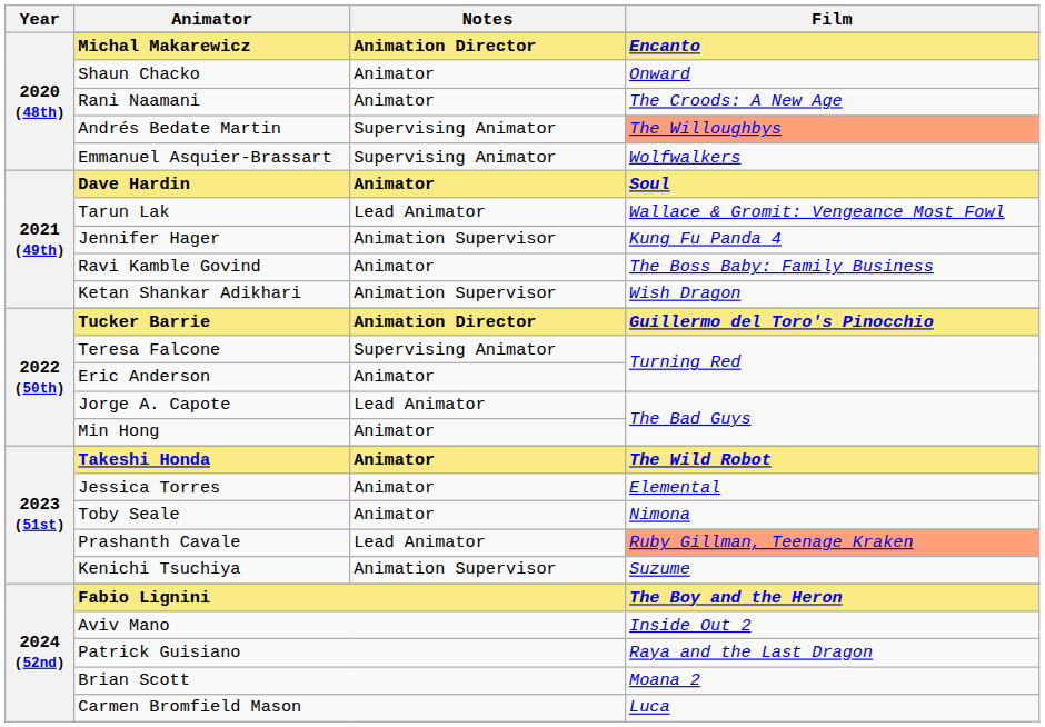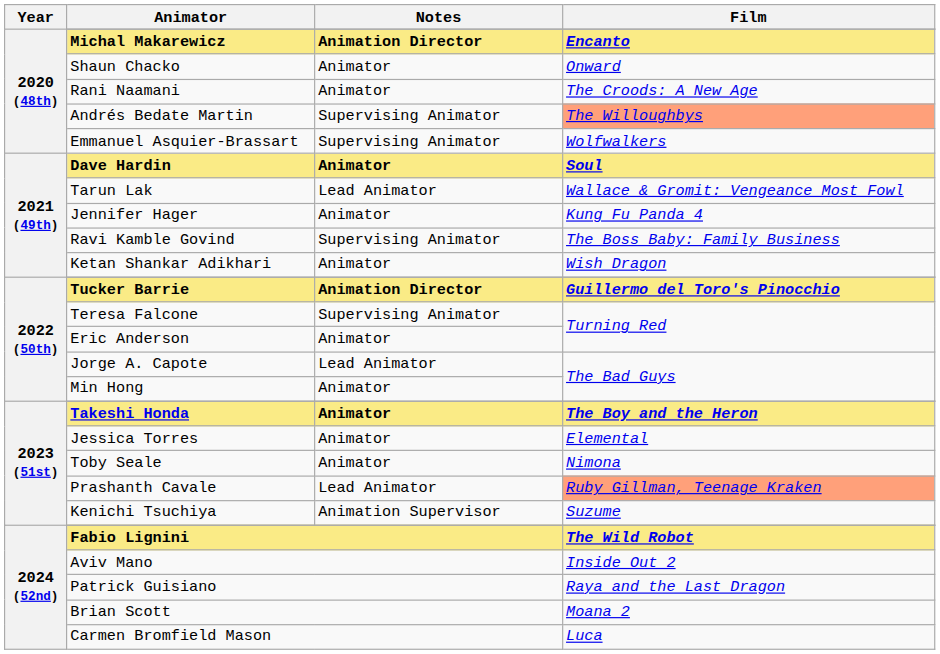 <table class="wikitable" style="width:90%;">
 <tr>
 <th style="width:3%;">Year</th>
 <th style="width:20%;">Animator</th>
 <th style="width:20%;">Notes</th>
 <th style="width:30%;">Film</th>
 </tr>
 <tr>
 <th rowspan="6" style="text-align:center;">2020 <br><small>(<a href='#'>48th</a>)</small><br></th>
 </tr>
 <tr>
 <td style="background:#FAEB86;"><strong>Michal Makarewicz</strong></td>
 <td style="background:#FAEB86;"><strong>Animation Director</strong></td>
 <td style="background:#FAEB86;"><strong><em><a href='#'>Encanto</a></em></strong></td>
 </tr>
 <tr>
 <td>Shaun Chacko</td>
 <td>Animator</td>
 <td><em><a href='#'>Onward</a></em></td>
 </tr>
 <tr>
 <td>Rani Naamani</td>
 <td>Animator</td>
 <td><em><a href='#'>The Croods: A New Age</a></em></td>
 </tr>
 <tr>
 <td>Andrés Bedate Martin</td>
 <td>Supervising Animator</td>
 <td style="background: lightsalmon;"><em><a href='#'>The Willoughbys</a></em></td>
 </tr>
 <tr>
 <td>Emmanuel Asquier-Brassart</td>
 <td>Supervising Animator</td>
 <td><em><a href='#'>Wolfwalkers</a></em></td>
 </tr>
 <tr>
 <th rowspan="5" style="text-align:center;">2021 <br><small>(<a href='#'>49th</a>)</small><br></th>
 <td style="background:#FAEB86;"><strong>Dave Hardin</strong></td>
 <td style="background:#FAEB86;"><strong>Animator</strong></td>
 <td style="background:#FAEB86;"><strong><em><a href='#'>Soul</a></em></strong></td>
 </tr>
 <tr>
 <td>Tarun Lak</td>
 <td>Lead Animator</td>
 <td><em><a href='#'>Wallace & Gromit: Vengeance Most Fowl</a></em></td>
 </tr>
 <tr>
 <td>Jennifer Hager</td>
-<td>Animation Supervisor</td>
+<td>Animator</td>
 <td><em><a href='#'>Kung Fu Panda 4</a></em></td>
 </tr>
 <tr>
 <td>Ravi Kamble Govind</td>
-<td>Animator</td>
+<td>Supervising Animator</td>
 <td><em><a href='#'>The Boss Baby: Family Business</a></em></td>
 </tr>
 <tr>
 <td>Ketan Shankar Adikhari</td>
-<td>Animation Supervisor</td>
+<td>Animator</td>
 <td><em><a href='#'>Wish Dragon</a></em></td>
 </tr>
 <tr>
 <th rowspan="6" style="text-align:center;">2022 <br><small>(<a href='#'>50th</a>)</small><br></th>
 </tr>
 <tr>
 <td style="background:#FAEB86;"><strong>Tucker Barrie</strong></td>
 <td style="background:#FAEB86;"><strong>Animation Director</strong></td>
 <td style="background:#FAEB86;"><strong><em><a href='#'>Guillermo del Toro's Pinocchio</a></em></strong></td>
 </tr>
 <tr>
 <td>Teresa Falcone</td>
 <td>Supervising Animator</td>
 <td rowspan="2"><em><a href='#'>Turning Red</a></em></td>
 </tr>
 <tr>
 <td>Eric Anderson</td>
 <td>Animator</td>
 </tr>
 <tr>
 <td>Jorge A. Capote</td>
 <td>Lead Animator</td>
 <td rowspan="2"><em><a href='#'>The Bad Guys</a></em></td>
 </tr>
 <tr>
 <td>Min Hong</td>
 <td>Animator</td>
 </tr>
 <tr>
 <th rowspan="6" style="text-align:center;">2023 <br><small>(<a href='#'>51st</a>)</small><br></th>
 </tr>
 <tr>
 <td style="background:#FAEB86;"><strong><a href='#'>Takeshi Honda</a></strong></td>
 <td style="background:#FAEB86;"><strong>Animator</strong></td>
-<td style="background:#FAEB86;"><strong><em><a href='#'>The Wild Robot</a></em></strong></td>
+<td style="background:#FAEB86;"><strong><em><a href='#'>The Boy and the Heron</a></em></strong></td>
 </tr>
 <tr>
 <td>Jessica Torres</td>
 <td>Animator</td>
 <td><em><a href='#'>Elemental</a></em></td>
 </tr>
 <tr>
 <td>Toby Seale</td>
 <td>Animator</td>
 <td><em><a href='#'>Nimona</a></em></td>
 </tr>
 <tr>
 <td>Prashanth Cavale</td>
 <td>Lead Animator</td>
 <td style="background: lightsalmon;"><em><a href='#'>Ruby Gillman, Teenage Kraken</a></em></td>
 </tr>
 <tr>
 <td>Kenichi Tsuchiya</td>
 <td>Animation Supervisor</td>
 <td><em><a href='#'>Suzume</a></em></td>
 </tr>
 <tr>
 <th rowspan="6" style="text-align:center;">2024 <br><small>(<a href='#'>52nd</a>)</small><br></th>
 </tr>
 <tr>
 <td colspan="2" style="background:#FAEB86;"><strong>Fabio Lignini</strong></td>
-<td style="background:#FAEB86;"><strong><em><a href='#'>The Boy and the Heron</a></em></strong></td>
+<td style="background:#FAEB86;"><strong><em><a href='#'>The Wild Robot</a></em></strong></td>
 </tr>
 <tr>
 <td colspan="2">Aviv Mano</td>
 <td><em><a href='#'>Inside Out 2</a></em></td>
 </tr>
 <tr>
 <td colspan="2">Patrick Guisiano</td>
 <td><em><a href='#'>Raya and the Last Dragon</a></em></td>
 </tr>
 <tr>
 <td colspan="2">Brian Scott</td>
 <td><em><a href='#'>Moana 2</a></em></td>
 </tr>
 <tr>
 <td colspan="2">Carmen Bromfield Mason</td>
 <td><em><a href='#'>Luca</a></em></td>
 </tr>
 </table>
